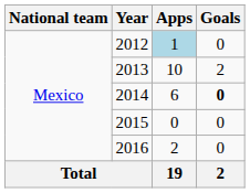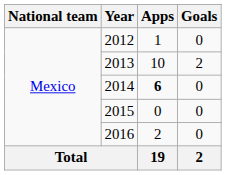 <table class="wikitable" style="text-align:center">
 <tr>
 <th>National team</th>
 <th>Year</th>
 <th>Apps</th>
 <th>Goals</th>
 </tr>
 <tr>
 <td rowspan="5"><a href='#'>Mexico</a></td>
 <td>2012</td>
-<td style="background: lightblue;">1</td>
+<td>1</td>
 <td>0</td>
 </tr>
 <tr>
 <td>2013</td>
 <td>10</td>
 <td>2</td>
 </tr>
 <tr>
 <td>2014</td>
-<td>6</td>
-<td><strong>0</strong></td>
+<td><strong>6</strong></td>
+<td>0</td>
 </tr>
 <tr>
 <td>2015</td>
 <td>0</td>
 <td>0</td>
 </tr>
 <tr>
 <td>2016</td>
 <td>2</td>
 <td>0</td>
 </tr>
 <tr>
 <th colspan="2">Total</th>
 <th>19</th>
 <th>2</th>
 </tr>
 </table>
